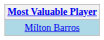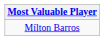 <table class=wikitable style="text-align:center; margin:auto">
 <tr>
 <th><a href='#'>Most Valuable Player</a></th>
 </tr>
 <tr>
-<td style="background: lightblue;"> <a href='#'>Mílton Barros</a></td>
+<td> <a href='#'>Mílton Barros</a></td>
 </tr>
 </table>
